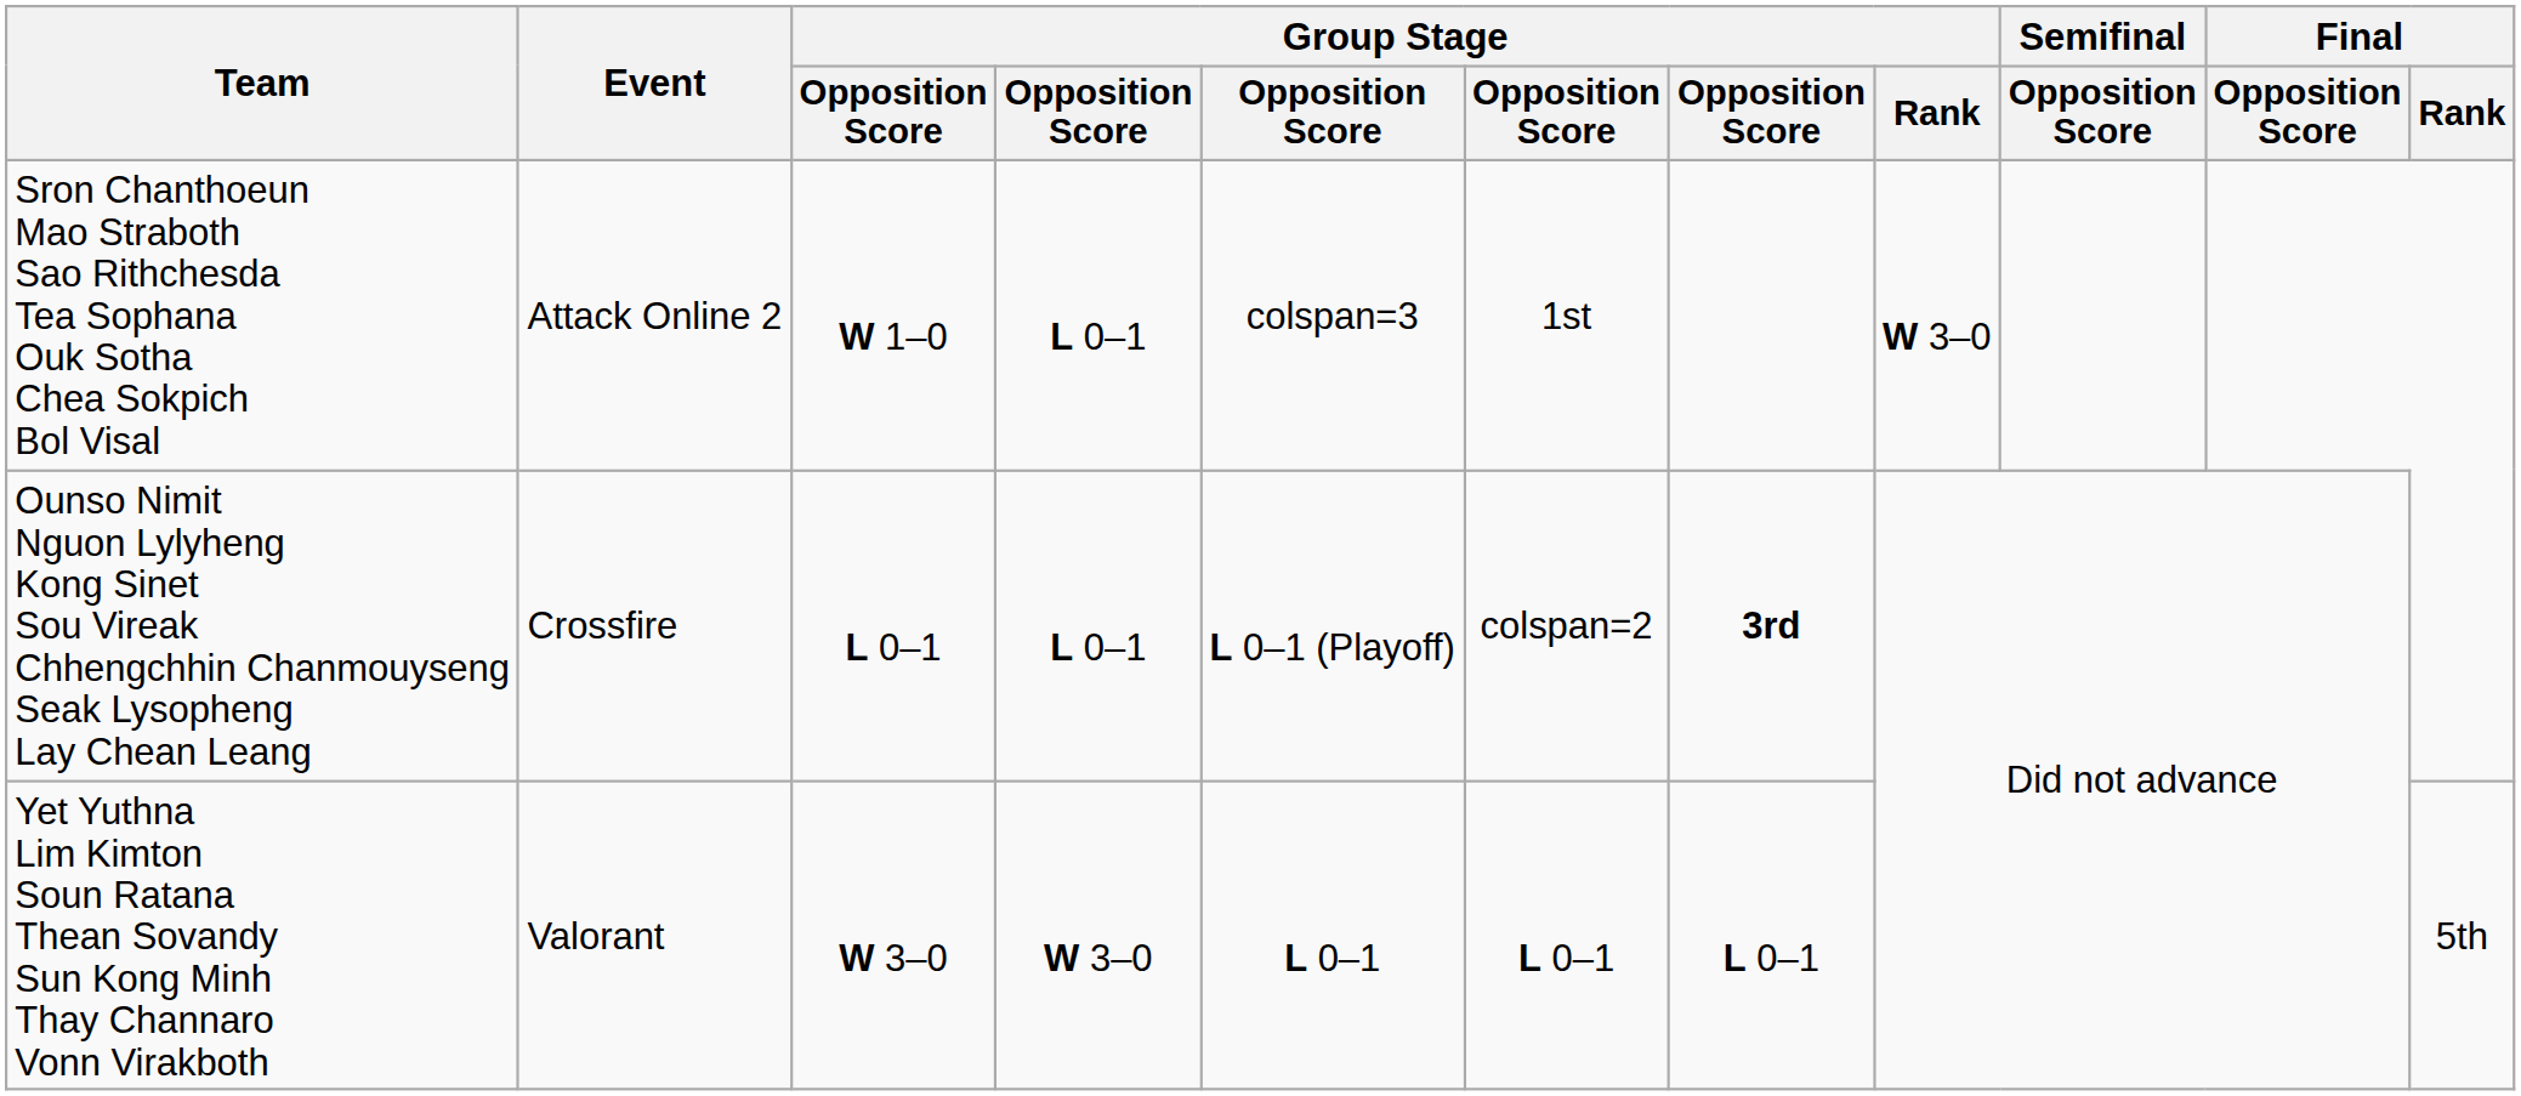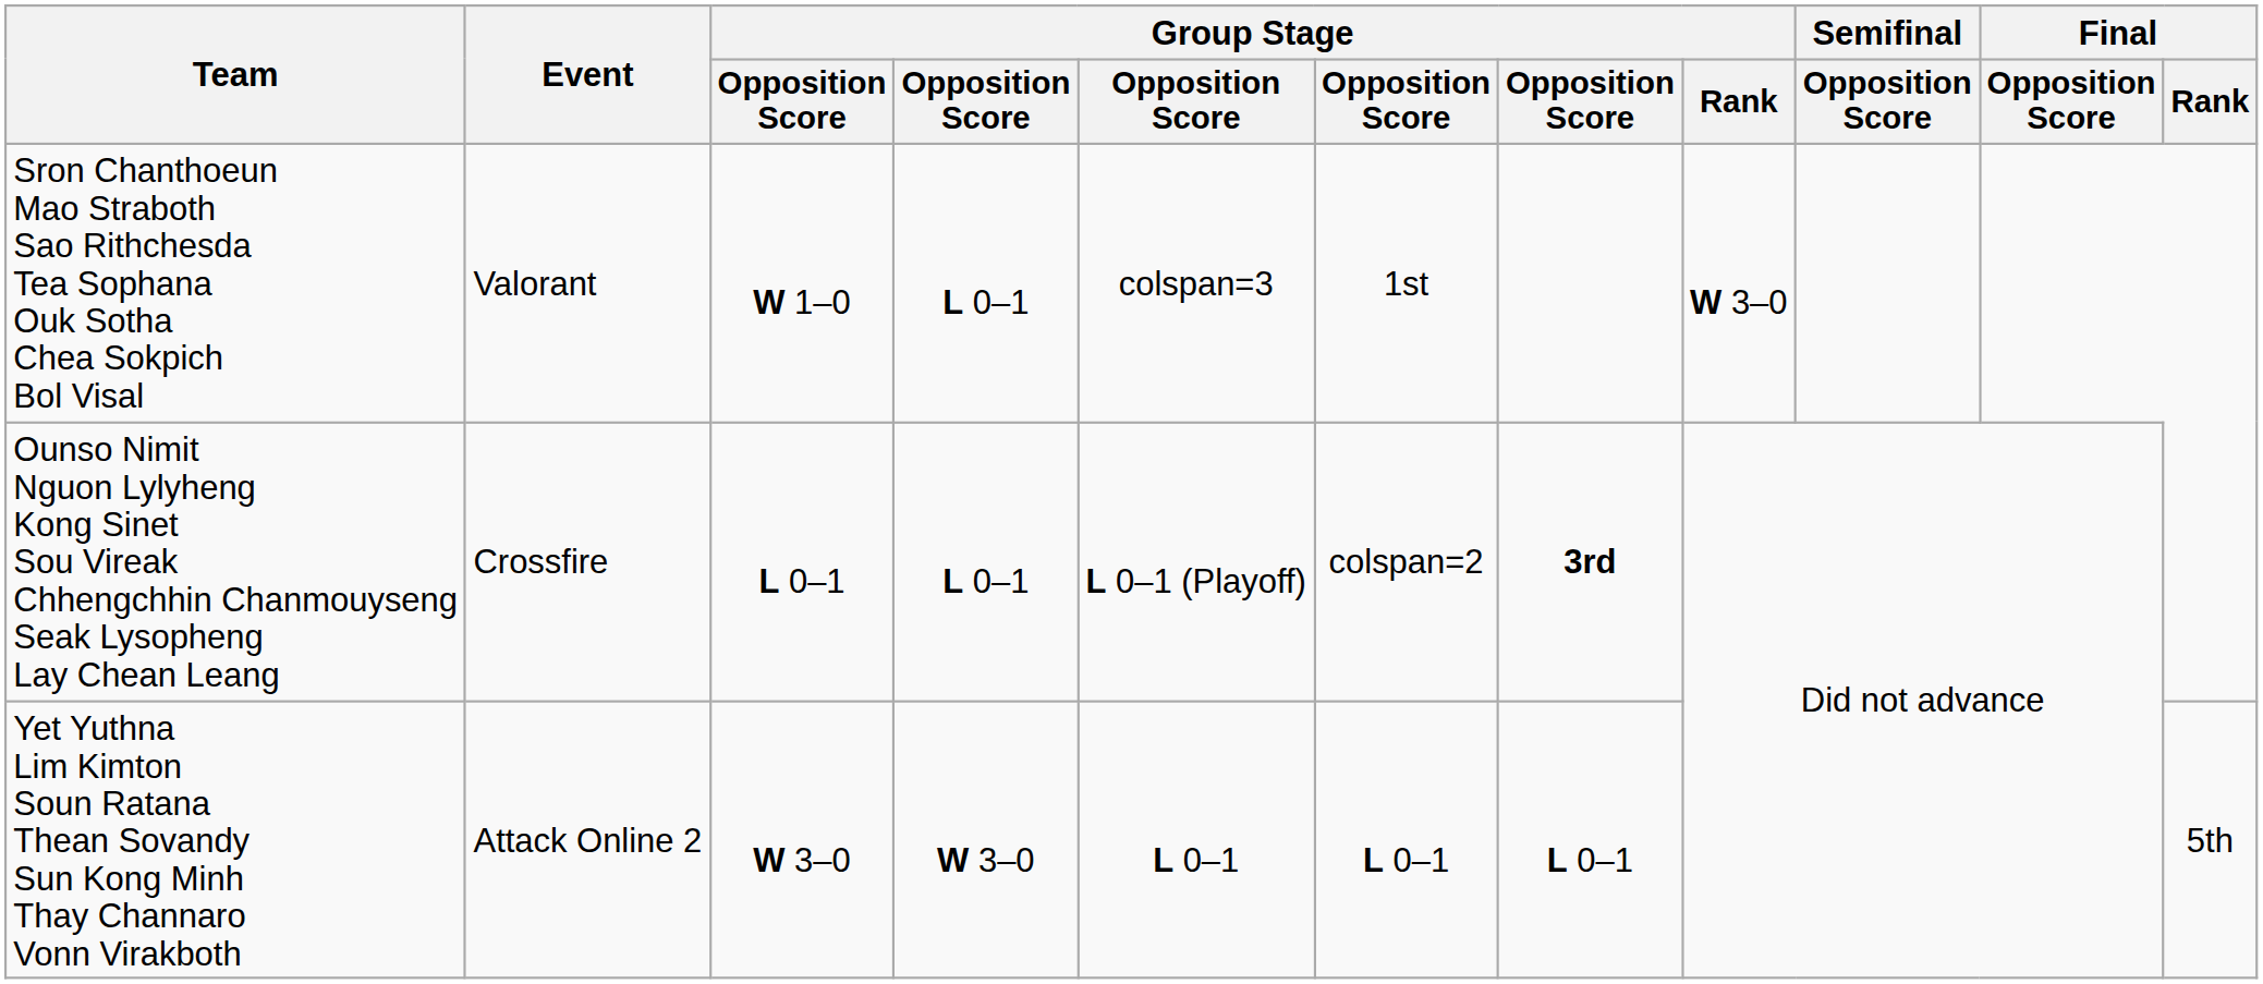 <table class="wikitable" style="font-size:90%">
 <tr>
 <th rowspan=2>Team</th>
 <th rowspan=2>Event</th>
 <th colspan=6>Group Stage</th>
 <th>Semifinal</th>
 <th colspan=2>Final</th>
 </tr>
 <tr style="font-size:95%">
 <th>Opposition<br>Score</th>
 <th>Opposition<br>Score</th>
 <th>Opposition<br>Score</th>
 <th>Opposition<br>Score</th>
 <th>Opposition<br>Score</th>
 <th>Rank</th>
 <th>Opposition<br>Score</th>
 <th>Opposition<br>Score</th>
 <th>Rank</th>
 </tr>
 <tr align=center>
 <td align=left>Sron Chanthoeun<br>Mao Straboth<br>Sao Rithchesda<br>Tea Sophana<br>Ouk Sotha<br>Chea Sokpich<br>Bol Visal</td>
-<td align=left>Attack Online 2</td>
+<td align=left>Valorant</td>
 <td><br><strong>W</strong> 1–0</td>
 <td><br><strong>L</strong> 0–1</td>
 <td>colspan=3 </td>
 <td>1st</td>
 <td></td>
 <td><br><strong>W</strong> 3–0</td>
 <td></td>
 </tr>
 <tr align=center>
 <td align=left>Ounso Nimit<br>Nguon Lylyheng<br>Kong Sinet<br>Sou Vireak<br>Chhengchhin Chanmouyseng<br>Seak Lysopheng<br>Lay Chean Leang</td>
 <td align=left>Crossfire</td>
 <td><br><strong>L</strong> 0–1</td>
 <td><br><strong>L</strong> 0–1</td>
 <td><br><strong>L</strong> 0–1 (Playoff)</td>
 <td>colspan=2 </td>
 <td><strong>3rd</strong></td>
 <td colspan=3 rowspan=2>Did not advance</td>
 </tr>
 <tr align=center>
 <td align=left>Yet Yuthna<br>Lim Kimton<br>Soun Ratana<br>Thean Sovandy<br>Sun Kong Minh<br>Thay Channaro<br>Vonn Virakboth</td>
-<td align=left>Valorant</td>
+<td align=left>Attack Online 2</td>
 <td><br><strong>W</strong> 3–0</td>
 <td><br><strong>W</strong> 3–0</td>
 <td><br><strong>L</strong> 0–1</td>
 <td><br><strong>L</strong> 0–1</td>
 <td><br><strong>L</strong> 0–1</td>
 <td>5th</td>
 </tr>
 </table>
